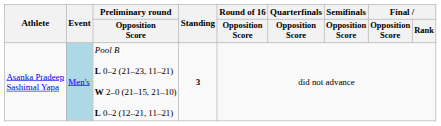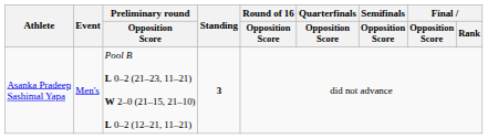 <table class=wikitable style="font-size:90%">
 <tr>
 <th rowspan="2">Athlete</th>
 <th rowspan="2">Event</th>
 <th>Preliminary round</th>
 <th rowspan="2">Standing</th>
 <th>Round of 16</th>
 <th>Quarterfinals</th>
 <th>Semifinals</th>
 <th colspan=2>Final / </th>
 </tr>
 <tr style="font-size:95%">
 <th>Opposition<br>Score</th>
 <th>Opposition<br>Score</th>
 <th>Opposition<br>Score</th>
 <th>Opposition<br>Score</th>
 <th>Opposition<br>Score</th>
 <th>Rank</th>
 </tr>
 <tr align=center>
 <td align=left><a href='#'>Asanka Pradeep</a><br><a href='#'>Sashimal Yapa</a></td>
-<td align=left style="background: lightblue;"><a href='#'>Men's</a></td>
+<td align=left><a href='#'>Men's</a></td>
 <td align=left><em>Pool B</em><br><br><strong>L</strong> 0–2 (21–23, 11–21)<br><br><strong>W</strong> 2–0 (21–15, 21–10)<br><br><strong>L</strong> 0–2 (12–21, 11–21)</td>
 <td><strong>3</strong></td>
 <td colspan=5>did not advance</td>
 </tr>
 </table>
